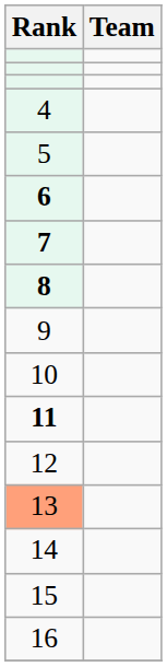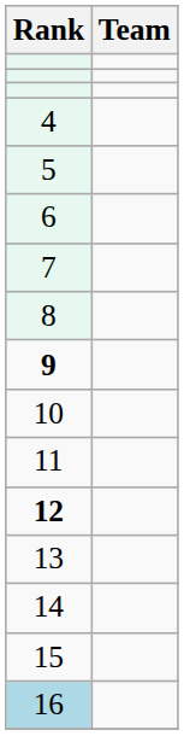 <table class="wikitable">
 <tr>
 <th>Rank</th>
 <th>Team</th>
 </tr>
 <tr>
 <td bgcolor="#e6f8ef" align=center></td>
 <td></td>
 </tr>
 <tr>
 <td bgcolor="#e6f8ef" align=center></td>
 <td></td>
 </tr>
 <tr>
 <td bgcolor="#e6f8ef" align=center></td>
 <td></td>
 </tr>
 <tr>
 <td bgcolor="#e6f8ef" align=center>4</td>
 <td></td>
 </tr>
 <tr>
 <td bgcolor="#e6f8ef" align=center>5</td>
 <td></td>
 </tr>
 <tr>
-<td bgcolor="#e6f8ef" align=center><strong>6</strong></td>
+<td bgcolor="#e6f8ef" align=center>6</td>
 <td></td>
 </tr>
 <tr>
-<td bgcolor="#e6f8ef" align=center><strong>7</strong></td>
+<td bgcolor="#e6f8ef" align=center>7</td>
 <td></td>
 </tr>
 <tr>
-<td bgcolor="#e6f8ef" align=center><strong>8</strong></td>
+<td bgcolor="#e6f8ef" align=center>8</td>
 <td></td>
 </tr>
 <tr>
-<td align=center>9</td>
+<td align=center><strong>9</strong></td>
 <td></td>
 </tr>
 <tr>
 <td align=center>10</td>
 <td></td>
 </tr>
 <tr>
-<td align=center><strong>11</strong></td>
+<td align=center>11</td>
 <td></td>
 </tr>
 <tr>
-<td align=center>12</td>
+<td align=center><strong>12</strong></td>
 <td></td>
 </tr>
 <tr>
-<td align=center style="background: lightsalmon;">13</td>
+<td align=center>13</td>
 <td></td>
 </tr>
 <tr>
 <td align=center>14</td>
 <td></td>
 </tr>
 <tr>
 <td align=center>15</td>
 <td></td>
 </tr>
 <tr>
-<td align=center>16</td>
+<td align=center style="background: lightblue;">16</td>
 <td></td>
 </tr>
 <tr>
 </tr>
 </table>
